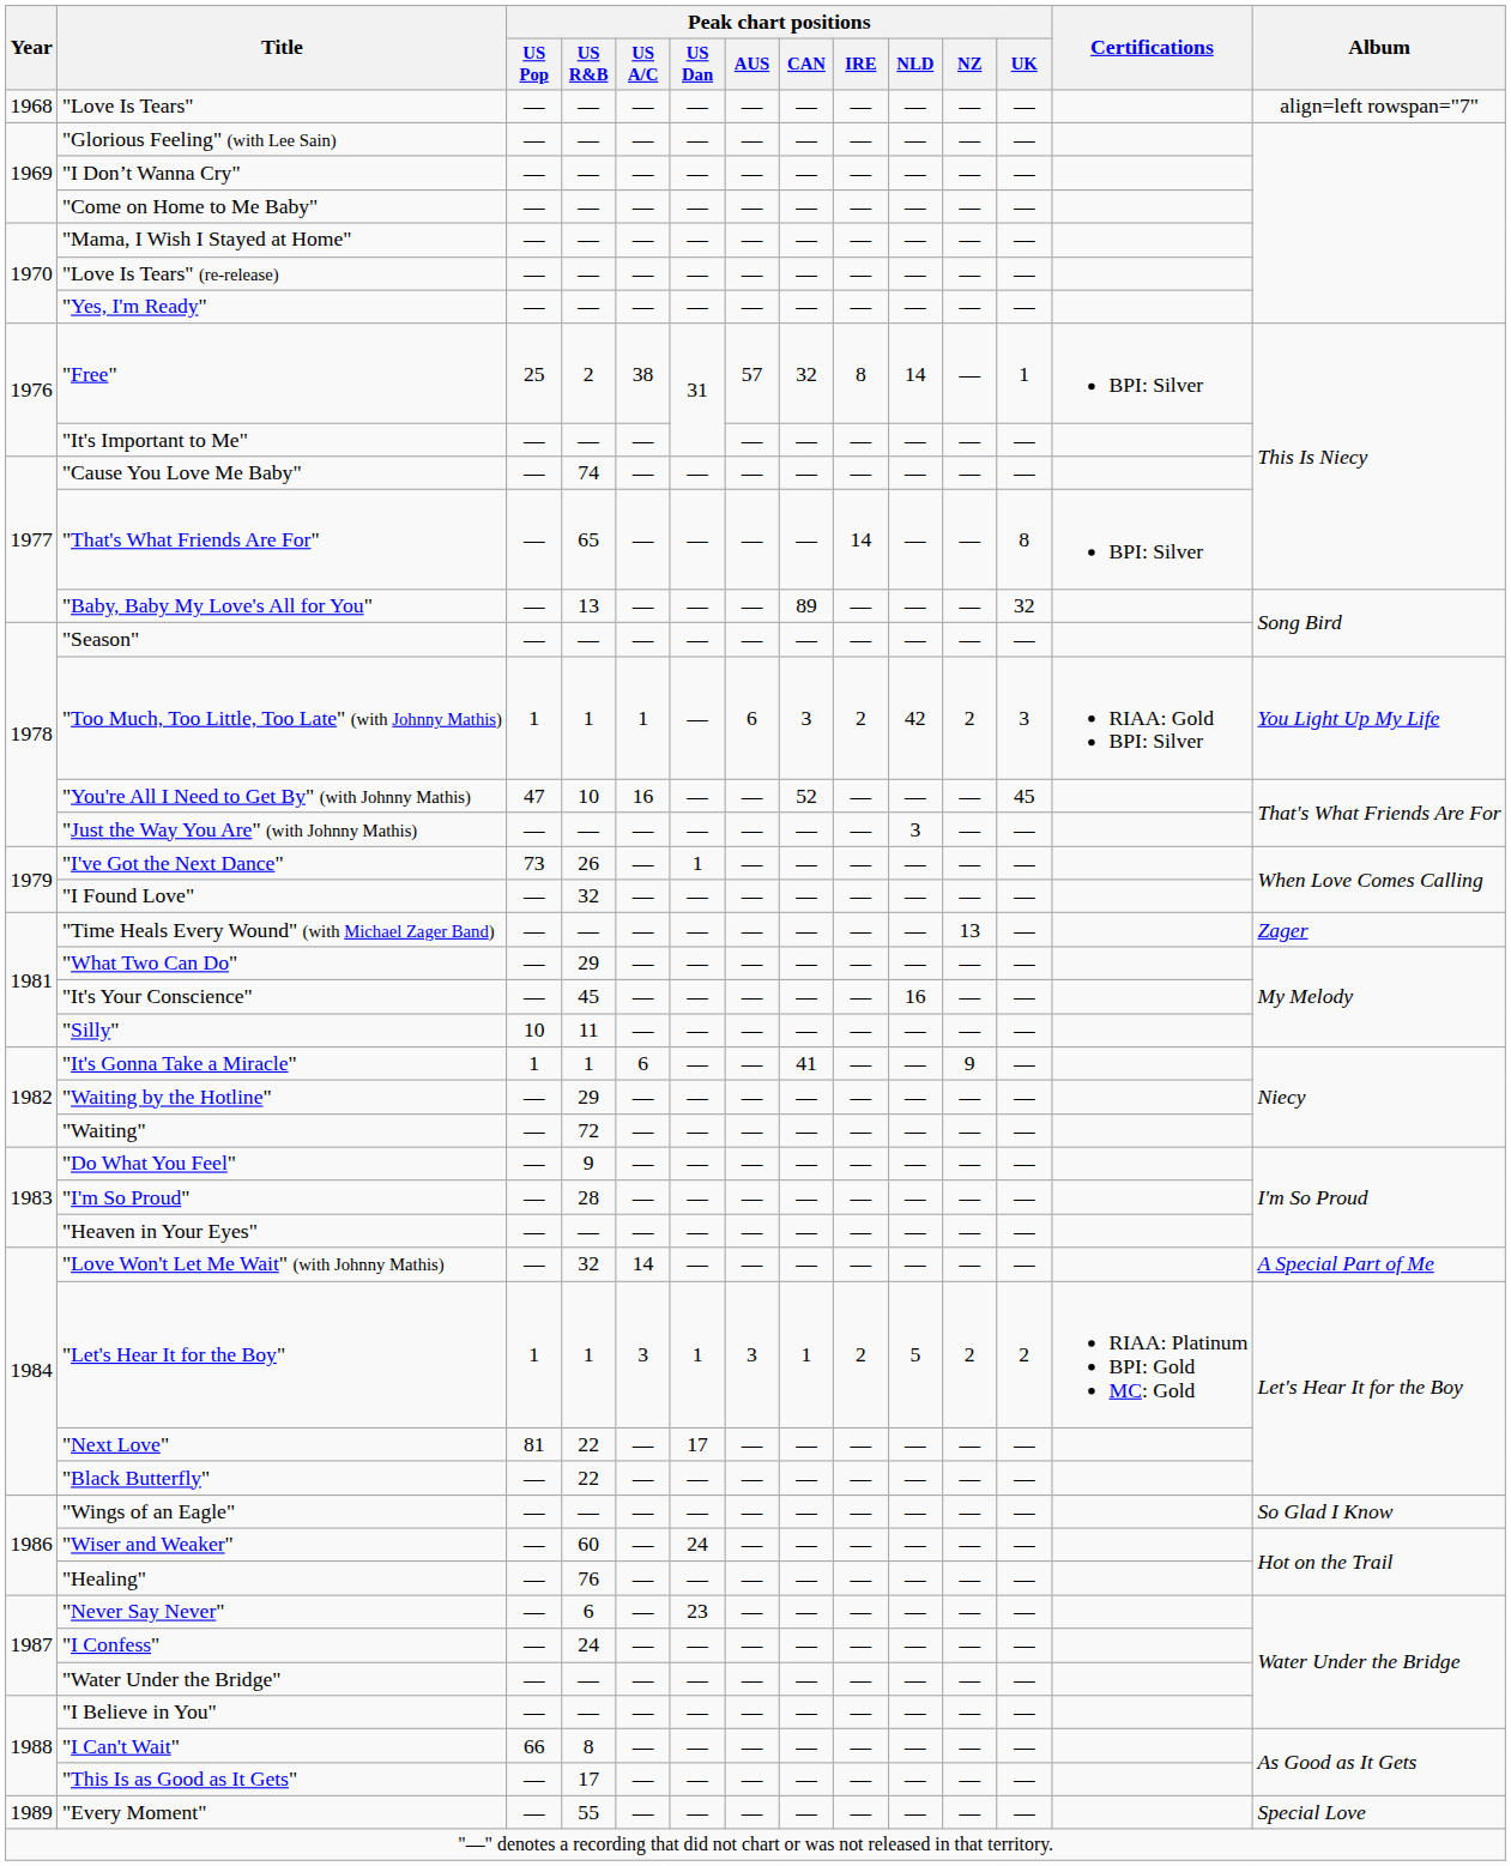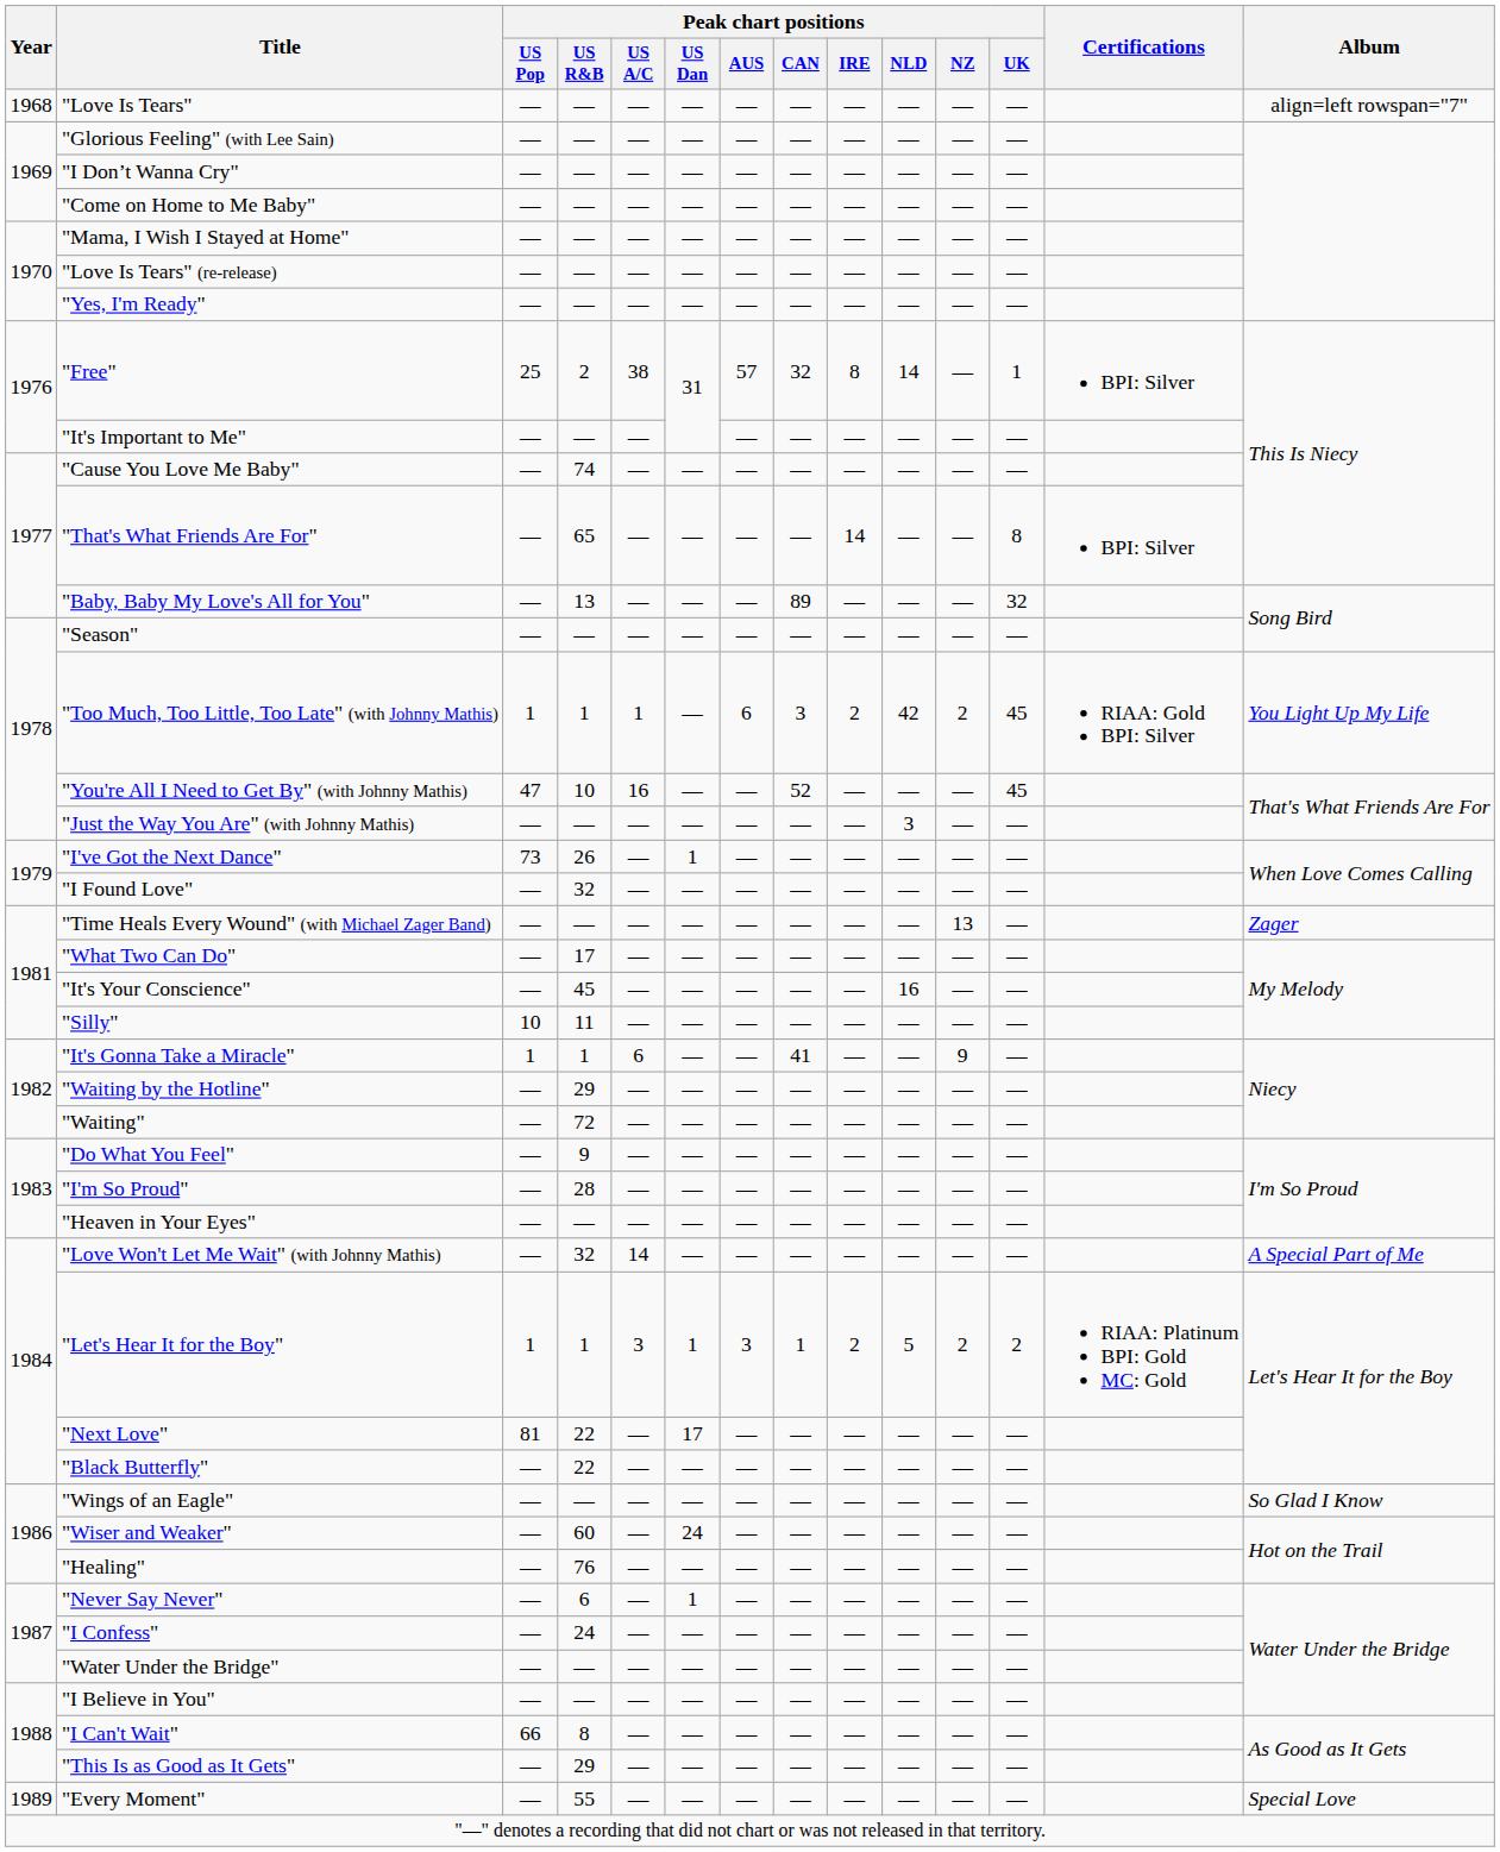 <table class="wikitable" style="text-align:center;">
 <tr>
 <th rowspan="2">Year</th>
 <th rowspan="2">Title</th>
 <th colspan="10">Peak chart positions</th>
 <th rowspan="2"><a href='#'>Certifications</a></th>
 <th rowspan="2">Album</th>
 </tr>
 <tr style="font-size:smaller;">
 <th width="35"><a href='#'>US Pop</a><br></th>
 <th width="35"><a href='#'>US<br>R&B</a><br></th>
 <th width="35"><a href='#'>US<br>A/C</a><br></th>
 <th width="35"><a href='#'>US<br>Dan</a><br></th>
 <th width="35"><a href='#'>AUS</a><br></th>
 <th width="35"><a href='#'>CAN</a><br></th>
 <th width="35"><a href='#'>IRE</a><br></th>
 <th width="35"><a href='#'>NLD</a><br></th>
 <th width="35"><a href='#'>NZ</a> <br></th>
 <th width="35"><a href='#'>UK</a><br></th>
 </tr>
 <tr>
 <td rowspan="1">1968</td>
 <td align="left">"Love Is Tears" </td>
 <td>—</td>
 <td>—</td>
 <td>—</td>
 <td>—</td>
 <td>—</td>
 <td>—</td>
 <td>—</td>
 <td>—</td>
 <td>—</td>
 <td>—</td>
 <td align=left></td>
 <td>align=left rowspan="7" </td>
 </tr>
 <tr>
 <td rowspan="3">1969</td>
 <td align="left">"Glorious Feeling" <small>(with Lee Sain)</small> </td>
 <td>—</td>
 <td>—</td>
 <td>—</td>
 <td>—</td>
 <td>—</td>
 <td>—</td>
 <td>—</td>
 <td>—</td>
 <td>—</td>
 <td>—</td>
 <td align=left></td>
 </tr>
 <tr>
 <td align="left">"I Don’t Wanna Cry" </td>
 <td>—</td>
 <td>—</td>
 <td>—</td>
 <td>—</td>
 <td>—</td>
 <td>—</td>
 <td>—</td>
 <td>—</td>
 <td>—</td>
 <td>—</td>
 <td align=left></td>
 </tr>
 <tr>
 <td align="left">"Come on Home to Me Baby" </td>
 <td>—</td>
 <td>—</td>
 <td>—</td>
 <td>—</td>
 <td>—</td>
 <td>—</td>
 <td>—</td>
 <td>—</td>
 <td>—</td>
 <td>—</td>
 <td align=left></td>
 </tr>
 <tr>
 <td rowspan="3">1970</td>
 <td align="left">"Mama, I Wish I Stayed at Home" </td>
 <td>—</td>
 <td>—</td>
 <td>—</td>
 <td>—</td>
 <td>—</td>
 <td>—</td>
 <td>—</td>
 <td>—</td>
 <td>—</td>
 <td>—</td>
 <td align=left></td>
 </tr>
 <tr>
 <td align="left">"Love Is Tears" <small>(re-release)</small> </td>
 <td>—</td>
 <td>—</td>
 <td>—</td>
 <td>—</td>
 <td>—</td>
 <td>—</td>
 <td>—</td>
 <td>—</td>
 <td>—</td>
 <td>—</td>
 <td align=left></td>
 </tr>
 <tr>
 <td align="left">"<a href='#'>Yes, I'm Ready</a>" </td>
 <td>—</td>
 <td>—</td>
 <td>—</td>
 <td>—</td>
 <td>—</td>
 <td>—</td>
 <td>—</td>
 <td>—</td>
 <td>—</td>
 <td>—</td>
 <td align=left></td>
 </tr>
 <tr>
 <td rowspan="2">1976</td>
 <td align="left">"<a href='#'>Free</a>"</td>
 <td>25</td>
 <td>2</td>
 <td>38</td>
 <td rowspan="2">31</td>
 <td>57</td>
 <td>32</td>
 <td>8</td>
 <td>14</td>
 <td>—</td>
 <td>1</td>
 <td align=left><br><ul><li>BPI: Silver</li></ul></td>
 <td align=left rowspan="4"><em>This Is Niecy</em></td>
 </tr>
 <tr>
 <td align="left">"It's Important to Me"</td>
 <td>—</td>
 <td>—</td>
 <td>—</td>
 <td>—</td>
 <td>—</td>
 <td>—</td>
 <td>—</td>
 <td>—</td>
 <td>—</td>
 <td align=left></td>
 </tr>
 <tr>
 <td rowspan="3">1977</td>
 <td align="left">"Cause You Love Me Baby"</td>
 <td>—</td>
 <td>74</td>
 <td>—</td>
 <td>—</td>
 <td>—</td>
 <td>—</td>
 <td>—</td>
 <td>—</td>
 <td>—</td>
 <td>—</td>
 <td align=left></td>
 </tr>
 <tr>
 <td align="left">"<a href='#'>That's What Friends Are For</a>"</td>
 <td>—</td>
 <td>65</td>
 <td>—</td>
 <td>—</td>
 <td>—</td>
 <td>—</td>
 <td>14</td>
 <td>—</td>
 <td>—</td>
 <td>8</td>
 <td align=left><br><ul><li>BPI: Silver</li></ul></td>
 </tr>
 <tr>
 <td align="left">"<a href='#'>Baby, Baby My Love's All for You</a>"</td>
 <td>—</td>
 <td>13</td>
 <td>—</td>
 <td>—</td>
 <td>—</td>
 <td>89</td>
 <td>—</td>
 <td>—</td>
 <td>—</td>
 <td>32</td>
 <td align=left></td>
 <td align=left rowspan="2"><em>Song Bird</em></td>
 </tr>
 <tr>
 <td rowspan="4">1978</td>
 <td align="left">"Season"</td>
 <td>—</td>
 <td>—</td>
 <td>—</td>
 <td>—</td>
 <td>—</td>
 <td>—</td>
 <td>—</td>
 <td>—</td>
 <td>—</td>
 <td>—</td>
 <td align=left></td>
 </tr>
 <tr>
 <td align="left">"<a href='#'>Too Much, Too Little, Too Late</a>" <small>(with <a href='#'>Johnny Mathis</a>)</small></td>
 <td>1</td>
 <td>1</td>
 <td>1</td>
 <td>—</td>
 <td>6</td>
 <td>3</td>
 <td>2</td>
 <td>42</td>
 <td>2</td>
-<td>3</td>
+<td>45</td>
 <td align=left><br><ul><li>RIAA: Gold</li><li>BPI: Silver</li></ul></td>
 <td align=left rowspan="1"><em><a href='#'>You Light Up My Life</a></em></td>
 </tr>
 <tr>
 <td align="left">"<a href='#'>You're All I Need to Get By</a>" <small>(with Johnny Mathis)</small></td>
 <td>47</td>
 <td>10</td>
 <td>16</td>
 <td>—</td>
 <td>—</td>
 <td>52</td>
 <td>—</td>
 <td>—</td>
 <td>—</td>
 <td>45</td>
 <td align=left></td>
 <td align=left rowspan="2"><em>That's What Friends Are For</em></td>
 </tr>
 <tr>
 <td align="left">"<a href='#'>Just the Way You Are</a>" <small>(with Johnny Mathis)</small></td>
 <td>—</td>
 <td>—</td>
 <td>—</td>
 <td>—</td>
 <td>—</td>
 <td>—</td>
 <td>—</td>
 <td>3</td>
 <td>—</td>
 <td>—</td>
 <td align=left></td>
 </tr>
 <tr>
 <td rowspan="2">1979</td>
 <td align="left">"<a href='#'>I've Got the Next Dance</a>"</td>
 <td>73</td>
 <td>26</td>
 <td>—</td>
 <td>1</td>
 <td>—</td>
 <td>—</td>
 <td>—</td>
 <td>—</td>
 <td>—</td>
 <td>—</td>
 <td align=left></td>
 <td align=left rowspan="2"><em>When Love Comes Calling</em></td>
 </tr>
 <tr>
 <td align="left">"I Found Love"</td>
 <td>—</td>
 <td>32</td>
 <td>—</td>
 <td>—</td>
 <td>—</td>
 <td>—</td>
 <td>—</td>
 <td>—</td>
 <td>—</td>
 <td>—</td>
 <td align=left></td>
 </tr>
 <tr>
 <td rowspan="4">1981</td>
 <td align="left">"Time Heals Every Wound" <small>(with <a href='#'>Michael Zager Band</a>)</small></td>
 <td>—</td>
 <td>—</td>
 <td>—</td>
 <td>—</td>
 <td>—</td>
 <td>—</td>
 <td>—</td>
 <td>—</td>
 <td>13</td>
 <td>—</td>
 <td align=left></td>
 <td align=left rowspan="1"><em><a href='#'>Zager</a></em></td>
 </tr>
 <tr>
 <td align="left">"<a href='#'>What Two Can Do</a>"</td>
 <td>—</td>
-<td>29</td>
+<td>17</td>
 <td>—</td>
 <td>—</td>
 <td>—</td>
 <td>—</td>
 <td>—</td>
 <td>—</td>
 <td>—</td>
 <td>—</td>
 <td align=left></td>
 <td align=left rowspan="3"><em>My Melody</em></td>
 </tr>
 <tr>
 <td align="left">"It's Your Conscience"</td>
 <td>—</td>
 <td>45</td>
 <td>—</td>
 <td>—</td>
 <td>—</td>
 <td>—</td>
 <td>—</td>
 <td>16</td>
 <td>—</td>
 <td>—</td>
 <td align=left></td>
 </tr>
 <tr>
 <td align="left">"<a href='#'>Silly</a>"</td>
 <td>10</td>
 <td>11</td>
 <td>—</td>
 <td>—</td>
 <td>—</td>
 <td>—</td>
 <td>—</td>
 <td>—</td>
 <td>—</td>
 <td>—</td>
 <td align=left></td>
 </tr>
 <tr>
 <td rowspan="3">1982</td>
 <td align="left">"<a href='#'>It's Gonna Take a Miracle</a>"</td>
 <td>1</td>
 <td>1</td>
 <td>6</td>
 <td>—</td>
 <td>—</td>
 <td>41</td>
 <td>—</td>
 <td>—</td>
 <td>9</td>
 <td>—</td>
 <td align=left></td>
 <td align=left rowspan="3"><em>Niecy</em></td>
 </tr>
 <tr>
 <td align="left">"<a href='#'>Waiting by the Hotline</a>"</td>
 <td>—</td>
 <td>29</td>
 <td>—</td>
 <td>—</td>
 <td>—</td>
 <td>—</td>
 <td>—</td>
 <td>—</td>
 <td>—</td>
 <td>—</td>
 <td align=left></td>
 </tr>
 <tr>
 <td align="left">"Waiting"</td>
 <td>—</td>
 <td>72</td>
 <td>—</td>
 <td>—</td>
 <td>—</td>
 <td>—</td>
 <td>—</td>
 <td>—</td>
 <td>—</td>
 <td>—</td>
 <td align=left></td>
 </tr>
 <tr>
 <td rowspan="3">1983</td>
 <td align="left">"<a href='#'>Do What You Feel</a>"</td>
 <td>—</td>
 <td>9</td>
 <td>—</td>
 <td>—</td>
 <td>—</td>
 <td>—</td>
 <td>—</td>
 <td>—</td>
 <td>—</td>
 <td>—</td>
 <td align=left></td>
 <td align=left rowspan="3"><em>I'm So Proud</em></td>
 </tr>
 <tr>
 <td align="left">"<a href='#'>I'm So Proud</a>"</td>
 <td>—</td>
 <td>28</td>
 <td>—</td>
 <td>—</td>
 <td>—</td>
 <td>—</td>
 <td>—</td>
 <td>—</td>
 <td>—</td>
 <td>—</td>
 <td align=left></td>
 </tr>
 <tr>
 <td align="left">"Heaven in Your Eyes"</td>
 <td>—</td>
 <td>—</td>
 <td>—</td>
 <td>—</td>
 <td>—</td>
 <td>—</td>
 <td>—</td>
 <td>—</td>
 <td>—</td>
 <td>—</td>
 <td align=left></td>
 </tr>
 <tr>
 <td rowspan="4">1984</td>
 <td align="left">"<a href='#'>Love Won't Let Me Wait</a>" <small>(with Johnny Mathis)</small></td>
 <td>—</td>
 <td>32</td>
 <td>14</td>
 <td>—</td>
 <td>—</td>
 <td>—</td>
 <td>—</td>
 <td>—</td>
 <td>—</td>
 <td>—</td>
 <td align=left></td>
 <td align=left rowspan="1"><em><a href='#'>A Special Part of Me</a></em></td>
 </tr>
 <tr>
 <td align="left">"<a href='#'>Let's Hear It for the Boy</a>"</td>
 <td>1</td>
 <td>1</td>
 <td>3</td>
 <td>1</td>
 <td>3</td>
 <td>1</td>
 <td>2</td>
 <td>5</td>
 <td>2</td>
 <td>2</td>
 <td align=left><br><ul><li>RIAA: Platinum</li><li>BPI: Gold</li><li><a href='#'>MC</a>: Gold</li></ul></td>
 <td align=left rowspan="3"><em>Let's Hear It for the Boy</em></td>
 </tr>
 <tr>
 <td align="left">"<a href='#'>Next Love</a>"</td>
 <td>81</td>
 <td>22</td>
 <td>—</td>
 <td>17</td>
 <td>—</td>
 <td>—</td>
 <td>—</td>
 <td>—</td>
 <td>—</td>
 <td>—</td>
 <td align=left></td>
 </tr>
 <tr>
 <td align="left">"<a href='#'>Black Butterfly</a>"</td>
 <td>—</td>
 <td>22</td>
 <td>—</td>
 <td>—</td>
 <td>—</td>
 <td>—</td>
 <td>—</td>
 <td>—</td>
 <td>—</td>
 <td>—</td>
 <td align=left></td>
 </tr>
 <tr>
 <td rowspan="3">1986</td>
 <td align="left">"Wings of an Eagle"</td>
 <td>—</td>
 <td>—</td>
 <td>—</td>
 <td>—</td>
 <td>—</td>
 <td>—</td>
 <td>—</td>
 <td>—</td>
 <td>—</td>
 <td>—</td>
 <td align=left></td>
 <td align=left rowspan="1"><em>So Glad I Know</em></td>
 </tr>
 <tr>
 <td align="left">"<a href='#'>Wiser and Weaker</a>"</td>
 <td>—</td>
 <td>60</td>
 <td>—</td>
 <td>24</td>
 <td>—</td>
 <td>—</td>
 <td>—</td>
 <td>—</td>
 <td>—</td>
 <td>—</td>
 <td align=left></td>
 <td align=left rowspan="2"><em>Hot on the Trail</em></td>
 </tr>
 <tr>
 <td align="left">"Healing"</td>
 <td>—</td>
 <td>76</td>
 <td>—</td>
 <td>—</td>
 <td>—</td>
 <td>—</td>
 <td>—</td>
 <td>—</td>
 <td>—</td>
 <td>—</td>
 <td align=left></td>
 </tr>
 <tr>
 <td rowspan="3">1987</td>
 <td align="left">"<a href='#'>Never Say Never</a>"</td>
 <td>—</td>
 <td>6</td>
 <td>—</td>
-<td>23</td>
+<td>1</td>
 <td>—</td>
 <td>—</td>
 <td>—</td>
 <td>—</td>
 <td>—</td>
 <td>—</td>
 <td align=left></td>
 <td align=left rowspan="4"><em>Water Under the Bridge</em></td>
 </tr>
 <tr>
 <td align="left">"<a href='#'>I Confess</a>"</td>
 <td>—</td>
 <td>24</td>
 <td>—</td>
 <td>—</td>
 <td>—</td>
 <td>—</td>
 <td>—</td>
 <td>—</td>
 <td>—</td>
 <td>—</td>
 <td align=left></td>
 </tr>
 <tr>
 <td align="left">"Water Under the Bridge"</td>
 <td>—</td>
 <td>—</td>
 <td>—</td>
 <td>—</td>
 <td>—</td>
 <td>—</td>
 <td>—</td>
 <td>—</td>
 <td>—</td>
 <td>—</td>
 <td align=left></td>
 </tr>
 <tr>
 <td rowspan="3">1988</td>
 <td align="left">"I Believe in You"</td>
 <td>—</td>
 <td>—</td>
 <td>—</td>
 <td>—</td>
 <td>—</td>
 <td>—</td>
 <td>—</td>
 <td>—</td>
 <td>—</td>
 <td>—</td>
 <td align=left></td>
 </tr>
 <tr>
 <td align="left">"<a href='#'>I Can't Wait</a>"</td>
 <td>66</td>
 <td>8</td>
 <td>—</td>
 <td>—</td>
 <td>—</td>
 <td>—</td>
 <td>—</td>
 <td>—</td>
 <td>—</td>
 <td>—</td>
 <td align=left></td>
 <td align=left rowspan="2"><em>As Good as It Gets</em></td>
 </tr>
 <tr>
 <td align="left">"<a href='#'>This Is as Good as It Gets</a>"</td>
 <td>—</td>
-<td>17</td>
+<td>29</td>
 <td>—</td>
 <td>—</td>
 <td>—</td>
 <td>—</td>
 <td>—</td>
 <td>—</td>
 <td>—</td>
 <td>—</td>
 <td align=left></td>
 </tr>
 <tr>
 <td rowspan="1">1989</td>
 <td align="left">"Every Moment"</td>
 <td>—</td>
 <td>55</td>
 <td>—</td>
 <td>—</td>
 <td>—</td>
 <td>—</td>
 <td>—</td>
 <td>—</td>
 <td>—</td>
 <td>—</td>
 <td align=left></td>
 <td align=left rowspan="1"><em>Special Love</em></td>
 </tr>
 <tr>
 <td colspan="15" style="font-size:90%">"—" denotes a recording that did not chart or was not released in that territory.</td>
 </tr>
 </table>
